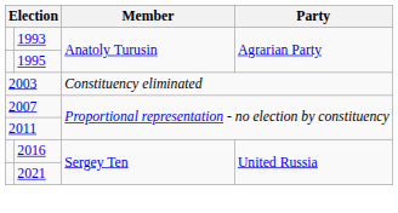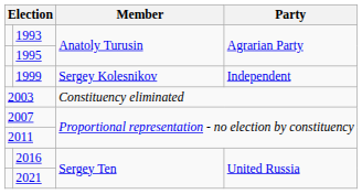 <table class="wikitable">
 <tr>
 <th colspan="2">Election</th>
 <th>Member</th>
 <th>Party</th>
 </tr>
 <tr>
 <td style="background-color:"></td>
 <td><a href='#'>1993</a></td>
 <td rowspan=2><a href='#'>Anatoly Turusin</a></td>
 <td rowspan=2><a href='#'>Agrarian Party</a></td>
 </tr>
 <tr>
 <td style="background-color:"></td>
 <td><a href='#'>1995</a></td>
+</tr>
+<tr>
+<td style="background-color:"></td>
+<td><a href='#'>1999</a></td>
+<td><a href='#'>Sergey Kolesnikov</a></td>
+<td><a href='#'>Independent</a></td>
 </tr>
 <tr>
 <td colspan=2><a href='#'>2003</a></td>
 <td colspan=2><em>Constituency eliminated</em></td>
 </tr>
 <tr>
 <td colspan=2><a href='#'>2007</a></td>
 <td colspan=2 rowspan=2><em><a href='#'>Proportional representation</a> - no election by constituency</em></td>
 </tr>
 <tr>
 <td colspan=2><a href='#'>2011</a></td>
 </tr>
 <tr>
 <td style="background-color:"></td>
 <td><a href='#'>2016</a></td>
 <td rowspan=2><a href='#'>Sergey Ten</a></td>
 <td rowspan=2><a href='#'>United Russia</a></td>
 </tr>
 <tr>
 <td style="background-color:"></td>
 <td><a href='#'>2021</a></td>
 </tr>
 </table>
